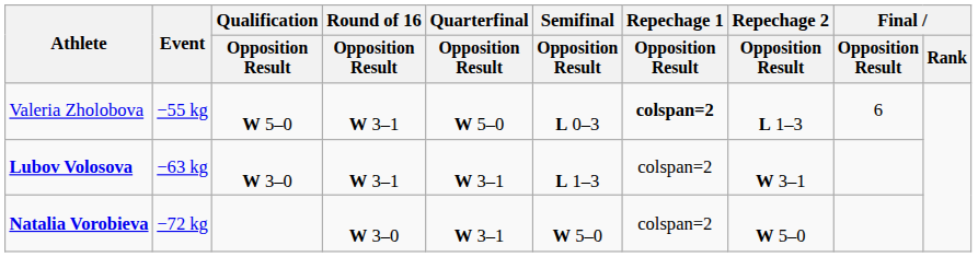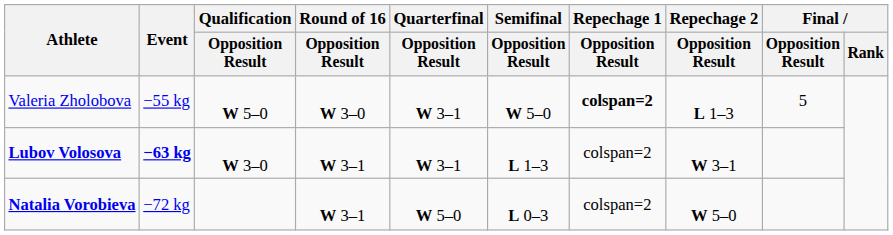 <table class="wikitable" style="font-size:90%">
 <tr>
 <th rowspan="2">Athlete</th>
 <th rowspan="2">Event</th>
 <th>Qualification</th>
 <th>Round of 16</th>
 <th>Quarterfinal</th>
 <th>Semifinal</th>
 <th>Repechage 1</th>
 <th>Repechage 2</th>
 <th colspan=2>Final / </th>
 </tr>
 <tr style="font-size: 95%">
 <th>Opposition<br>Result</th>
 <th>Opposition<br>Result</th>
 <th>Opposition<br>Result</th>
 <th>Opposition<br>Result</th>
 <th>Opposition<br>Result</th>
 <th>Opposition<br>Result</th>
 <th>Opposition<br>Result</th>
 <th>Rank</th>
 </tr>
 <tr align=center>
 <td align=left><a href='#'>Valeria Zholobova</a></td>
 <td align=left><a href='#'>−55 kg</a></td>
 <td><br><strong>W</strong> 5–0 <sup></sup></td>
+<td><br><strong>W</strong> 3–0 <sup></sup></td>
 <td><br><strong>W</strong> 3–1 <sup></sup></td>
 <td><br><strong>W</strong> 5–0 <sup></sup></td>
-<td><br><strong>L</strong> 0–3 <sup></sup></td>
 <td><strong>colspan=2 </strong></td>
 <td><br><strong>L</strong> 1–3 <sup></sup></td>
-<td>6</td>
+<td>5</td>
 </tr>
 <tr align=center>
 <td align=left><strong><a href='#'>Lubov Volosova</a></strong></td>
-<td align=left><a href='#'>−63 kg</a></td>
+<td align=left><strong><a href='#'>−63 kg</a></strong></td>
 <td><br><strong>W</strong> 3–0 <sup></sup></td>
 <td><br><strong>W</strong> 3–1 <sup></sup></td>
 <td><br><strong>W</strong> 3–1 <sup></sup></td>
 <td><br><strong>L</strong> 1–3 <sup></sup></td>
 <td>colspan=2 </td>
 <td><br><strong>W</strong> 3–1 <sup></sup></td>
 <td></td>
 </tr>
 <tr align=center>
 <td align=left><strong><a href='#'>Natalia Vorobieva</a></strong></td>
 <td align=left><a href='#'>−72 kg</a></td>
 <td></td>
-<td><br><strong>W</strong> 3–0 <sup></sup></td>
 <td><br><strong>W</strong> 3–1 <sup></sup></td>
 <td><br><strong>W</strong> 5–0 <sup></sup></td>
+<td><br><strong>L</strong> 0–3 <sup></sup></td>
 <td>colspan=2 </td>
 <td><br><strong>W</strong> 5–0 <sup></sup></td>
 <td></td>
 </tr>
 </table>
